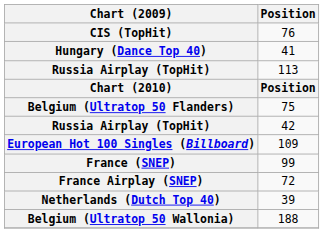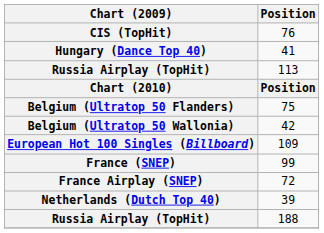 <table class="wikitable sortable plainrowheaders">
 <tr>
 <th>Chart (2009)</th>
 <th>Position</th>
 </tr>
 <tr>
 <th scope="row">CIS (TopHit)</th>
 <td style="text-align:center;">76</td>
 </tr>
 <tr>
 <th scope="row">Hungary (<a href='#'>Dance Top 40</a>)</th>
 <td align="center">41</td>
 </tr>
 <tr>
 <th scope="row">Russia Airplay (TopHit)</th>
 <td style="text-align:center;">113</td>
 </tr>
 <tr>
 <th>Chart (2010)</th>
 <th>Position</th>
 </tr>
 <tr>
 <th scope="row">Belgium (<a href='#'>Ultratop 50</a> Flanders)</th>
 <td align="center">75</td>
 </tr>
 <tr>
-<th scope="row">Russia Airplay (TopHit)</th>
+<th scope="row">Belgium (<a href='#'>Ultratop 50</a> Wallonia)</th>
 <td align="center">42</td>
 </tr>
 <tr>
 <th scope="row"><a href='#'>European Hot 100 Singles</a> (<em><a href='#'>Billboard</a></em>)</th>
 <td align="center">109</td>
 </tr>
 <tr>
 <th scope="row">France (<a href='#'>SNEP</a>)</th>
 <td align="center">99</td>
 </tr>
 <tr>
 <th scope="row">France Airplay (<a href='#'>SNEP</a>)</th>
 <td align="center">72</td>
 </tr>
 <tr>
 <th scope="row">Netherlands (<a href='#'>Dutch Top 40</a>)</th>
 <td align="center">39</td>
 </tr>
 <tr>
-<th scope="row">Belgium (<a href='#'>Ultratop 50</a> Wallonia)</th>
+<th scope="row">Russia Airplay (TopHit)</th>
 <td align="center">188</td>
 </tr>
 <tr>
 </tr>
 </table>
